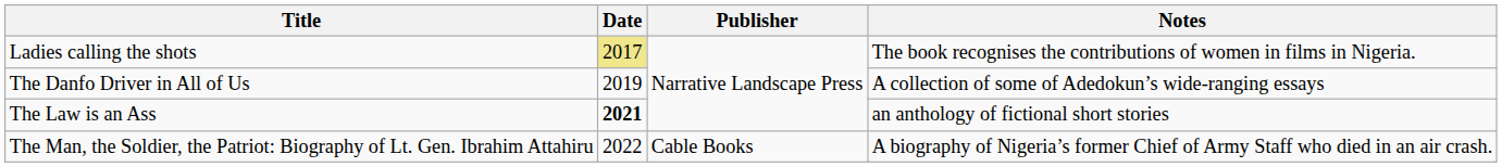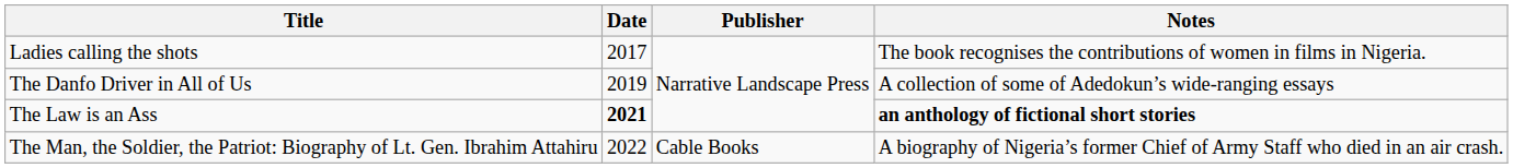 <table class="wikitable">
 <tr>
 <th>Title</th>
 <th>Date</th>
 <th>Publisher</th>
 <th>Notes</th>
 </tr>
 <tr>
 <td>Ladies calling the shots</td>
-<td style="background: khaki;">2017</td>
+<td>2017</td>
 <td rowspan="3">Narrative Landscape Press</td>
 <td>The book recognises the contributions of women in films in Nigeria.</td>
 </tr>
 <tr>
 <td>The Danfo Driver in All of Us</td>
 <td>2019</td>
 <td>A collection of some of Adedokun’s wide-ranging essays</td>
 </tr>
 <tr>
 <td>The Law is an Ass</td>
 <td><strong>2021</strong></td>
-<td>an anthology of fictional short stories</td>
+<td><strong>an anthology of fictional short stories</strong></td>
 </tr>
 <tr>
 <td>The Man, the Soldier, the Patriot: Biography of Lt. Gen. Ibrahim Attahiru</td>
 <td>2022</td>
 <td>Cable Books</td>
 <td>A biography of Nigeria’s former Chief of Army Staff who died in an air crash.</td>
 </tr>
 </table>
